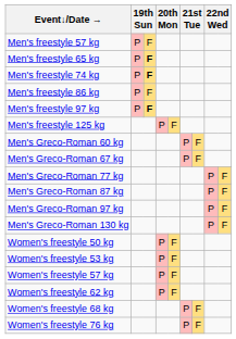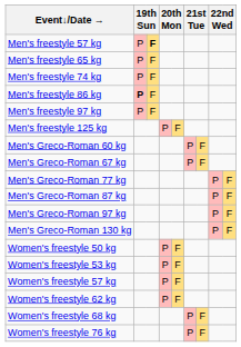 <table class="wikitable" style="margin:0.5em auto; font-size:90%; line-height:1.25em; text-align:center;">
 <tr>
 <th>Event↓/Date →</th>
 <th colspan=2>19th<br>Sun</th>
 <th colspan=2>20th<br>Mon</th>
 <th colspan=2>21st<br>Tue</th>
 <th colspan=2>22nd<br>Wed</th>
 </tr>
 <tr>
 <td align="left"><a href='#'>Men's freestyle 57 kg</a></td>
 <td bgcolor="#FFBBBB">P</td>
-<td bgcolor="#FFDF80">F</td>
+<td bgcolor="#FFDF80"><strong>F</strong></td>
 <td colspan=2></td>
 <td colspan=2></td>
 <td colspan=2></td>
 </tr>
 <tr>
 <td align="left"><a href='#'>Men's freestyle 65 kg</a></td>
 <td bgcolor="#FFBBBB">P</td>
-<td bgcolor="#FFDF80"><strong>F</strong></td>
+<td bgcolor="#FFDF80">F</td>
 <td colspan=2></td>
 <td colspan=2></td>
 <td colspan=2></td>
 </tr>
 <tr>
 <td align="left"><a href='#'>Men's freestyle 74 kg</a></td>
 <td bgcolor="#FFBBBB">P</td>
-<td bgcolor="#FFDF80"><strong>F</strong></td>
+<td bgcolor="#FFDF80">F</td>
 <td colspan=2></td>
 <td colspan=2></td>
 <td colspan=2></td>
 </tr>
 <tr>
 <td align="left"><a href='#'>Men's freestyle 86 kg</a></td>
-<td bgcolor="#FFBBBB">P</td>
+<td bgcolor="#FFBBBB"><strong>P</strong></td>
 <td bgcolor="#FFDF80">F</td>
 <td colspan=2></td>
 <td colspan=2></td>
 <td colspan=2></td>
 </tr>
 <tr>
 <td align="left"><a href='#'>Men's freestyle 97 kg</a></td>
 <td bgcolor="#FFBBBB">P</td>
-<td bgcolor="#FFDF80"><strong>F</strong></td>
+<td bgcolor="#FFDF80">F</td>
 <td colspan=2></td>
 <td colspan=2></td>
 <td colspan=2></td>
 </tr>
 <tr>
 <td align="left"><a href='#'>Men's freestyle 125 kg</a></td>
 <td colspan=2></td>
 <td bgcolor="#FFBBBB">P</td>
 <td bgcolor="#FFDF80">F</td>
 <td colspan=2></td>
 <td colspan=2></td>
 </tr>
 <tr>
 <td align="left"><a href='#'>Men's Greco-Roman 60 kg</a></td>
 <td colspan=2></td>
 <td colspan=2></td>
 <td bgcolor="#FFBBBB">P</td>
 <td bgcolor="#FFDF80">F</td>
 <td colspan=2></td>
 </tr>
 <tr>
 <td align="left"><a href='#'>Men's Greco-Roman 67 kg</a></td>
 <td colspan=2></td>
 <td colspan=2></td>
 <td bgcolor="#FFBBBB">P</td>
 <td bgcolor="#FFDF80">F</td>
 <td colspan=2></td>
 </tr>
 <tr>
 <td align="left"><a href='#'>Men's Greco-Roman 77 kg</a></td>
 <td colspan=2></td>
 <td colspan=2></td>
 <td colspan=2></td>
 <td bgcolor="#FFBBBB">P</td>
 <td bgcolor="#FFDF80">F</td>
 </tr>
 <tr>
 <td align="left"><a href='#'>Men's Greco-Roman 87 kg</a></td>
 <td colspan=2></td>
 <td colspan=2></td>
 <td colspan=2></td>
 <td bgcolor="#FFBBBB">P</td>
 <td bgcolor="#FFDF80">F</td>
 </tr>
 <tr>
 <td align="left"><a href='#'>Men's Greco-Roman 97 kg</a></td>
 <td colspan=2></td>
 <td colspan=2></td>
 <td colspan=2></td>
 <td bgcolor="#FFBBBB">P</td>
 <td bgcolor="#FFDF80">F</td>
 </tr>
 <tr>
 <td align="left"><a href='#'>Men's Greco-Roman 130 kg</a></td>
 <td colspan=2></td>
 <td colspan=2></td>
 <td colspan=2></td>
 <td bgcolor="#FFBBBB">P</td>
 <td bgcolor="#FFDF80">F</td>
 </tr>
 <tr>
 <td align="left"><a href='#'>Women's freestyle 50 kg</a></td>
 <td colspan=2></td>
 <td bgcolor="#FFBBBB">P</td>
 <td bgcolor="#FFDF80">F</td>
 <td colspan=2></td>
 <td colspan=2></td>
 </tr>
 <tr>
 <td align="left"><a href='#'>Women's freestyle 53 kg</a></td>
 <td colspan=2></td>
 <td bgcolor="#FFBBBB">P</td>
 <td bgcolor="#FFDF80">F</td>
 <td colspan=2></td>
 <td colspan=2></td>
 </tr>
 <tr>
 <td align="left"><a href='#'>Women's freestyle 57 kg</a></td>
 <td colspan=2></td>
 <td bgcolor="#FFBBBB">P</td>
 <td bgcolor="#FFDF80">F</td>
 <td colspan=2></td>
 <td colspan=2></td>
 </tr>
 <tr>
 <td align="left"><a href='#'>Women's freestyle 62 kg</a></td>
 <td colspan=2></td>
 <td bgcolor="#FFBBBB">P</td>
 <td bgcolor="#FFDF80">F</td>
 <td colspan=2></td>
 <td colspan=2></td>
 </tr>
 <tr>
 <td align="left"><a href='#'>Women's freestyle 68 kg</a></td>
 <td colspan=2></td>
 <td colspan=2></td>
 <td bgcolor="#FFBBBB">P</td>
 <td bgcolor="#FFDF80">F</td>
 <td colspan=2></td>
 </tr>
 <tr>
 <td align="left"><a href='#'>Women's freestyle 76 kg</a></td>
 <td colspan=2></td>
 <td colspan=2></td>
 <td bgcolor="#FFBBBB">P</td>
 <td bgcolor="#FFDF80">F</td>
 <td colspan=2></td>
 </tr>
 </table>
